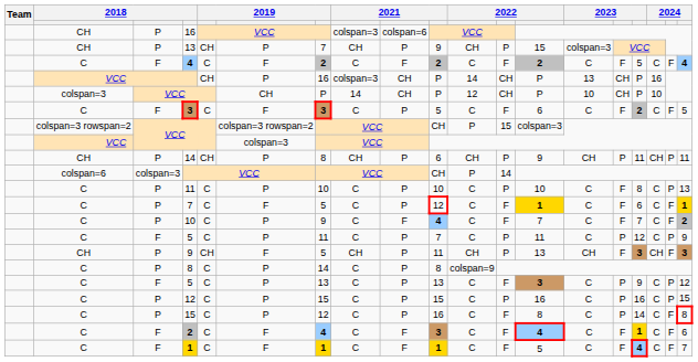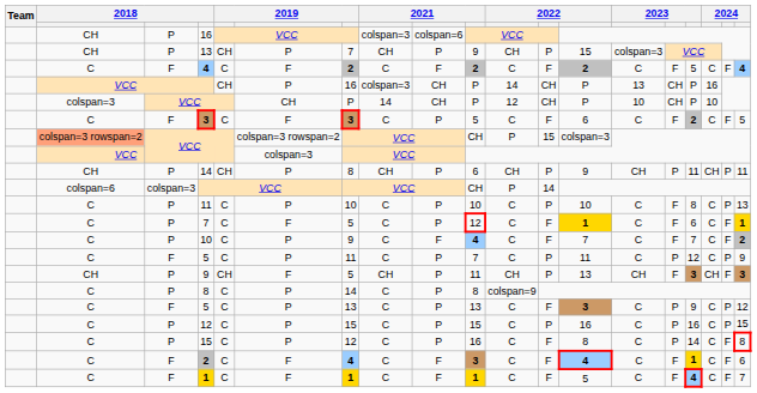 <table class="wikitable sortable" style="text-align:center;font-size:90%;white-space:nowrap">
 <tr>
 <th rowspan=2>Team</th>
 <th colspan=3><a href='#'>2018</a></th>
 <th colspan=3><a href='#'>2019</a></th>
 <th colspan=3><a href='#'>2021</a></th>
 <th colspan=3><a href='#'>2022</a></th>
 <th colspan=3><a href='#'>2023</a></th>
 <th colspan=3><a href='#'>2024</a></th>
 </tr>
 <tr>
 <th width=28></th>
 <th width=28></th>
 <th data-sort-type=number width=28></th>
 <th width=28></th>
 <th width=28></th>
 <th data-sort-type=number width=28></th>
 <th width=28></th>
 <th width=28></th>
 <th data-sort-type=number width=28></th>
 <th width=28></th>
 <th width=28></th>
 <th data-sort-type=number width=28></th>
 <th width=28></th>
 <th width=28></th>
 <th data-sort-type=number width=28></th>
 <th width=28></th>
 <th width=28></th>
 <th data-sort-type=number width=28></th>
 </tr>
 <tr>
 <td align="left"></td>
 <td>CH </td>
 <td>P</td>
 <td>16</td>
 <td style="background:moccasin" colspan=3><em><a href='#'>VCC</a></em></td>
 <td>colspan=3 </td>
 <td>colspan=6 </td>
 <td style="background:moccasin" colspan=3><em><a href='#'>VCC</a></em></td>
 </tr>
 <tr>
 <td align="left"></td>
 <td>CH </td>
 <td>P</td>
 <td>13</td>
 <td>CH </td>
 <td>P</td>
 <td>7</td>
 <td>CH </td>
 <td>P</td>
 <td>9</td>
 <td>CH </td>
 <td>P</td>
 <td>15</td>
 <td>colspan=3 </td>
 <td style="background:moccasin" colspan=3><em><a href='#'>VCC</a></em></td>
 </tr>
 <tr>
 <td align="left"></td>
 <td>C</td>
 <td>F</td>
 <td bgcolor="9acdff"><strong>4</strong></td>
 <td>C</td>
 <td>F</td>
 <td bgcolor="silver"><strong>2</strong></td>
 <td>C</td>
 <td>F</td>
 <td bgcolor="silver"><strong>2</strong></td>
 <td>C</td>
 <td>F</td>
 <td bgcolor="silver"><strong>2</strong></td>
 <td>C</td>
 <td>F</td>
 <td>5</td>
 <td>C</td>
 <td>F</td>
 <td bgcolor="9acdff"><strong>4</strong></td>
 </tr>
 <tr>
 <td align="left"></td>
 <td style="background:moccasin" colspan=3><em><a href='#'>VCC</a></em> </td>
 <td>CH </td>
 <td>P</td>
 <td>16</td>
 <td>colspan=3 </td>
 <td>CH </td>
 <td>P</td>
 <td>14</td>
 <td>CH </td>
 <td>P</td>
 <td>13</td>
 <td>CH </td>
 <td>P</td>
 <td>16</td>
 </tr>
 <tr>
 <td align="left"></td>
 <td>colspan=3 </td>
 <td style="background:moccasin" colspan=3><em><a href='#'>VCC</a></em> </td>
 <td>CH </td>
 <td>P</td>
 <td>14</td>
 <td>CH </td>
 <td>P</td>
 <td>12</td>
 <td>CH </td>
 <td>P</td>
 <td>10</td>
 <td>CH </td>
 <td>P</td>
 <td>10</td>
 </tr>
 <tr>
 <td align="left"></td>
 <td>C</td>
 <td>F</td>
 <td style="border:3px solid red"  bgcolor="cc9966"><strong>3</strong></td>
 <td>C</td>
 <td>F</td>
 <td style="border:3px solid red"  bgcolor="cc9966"><strong>3</strong></td>
 <td>C</td>
 <td>P</td>
 <td>5</td>
 <td>C</td>
 <td>F</td>
 <td>6</td>
 <td>C</td>
 <td>F</td>
 <td bgcolor="silver"><strong>2</strong></td>
 <td>C</td>
 <td>F</td>
 <td>5</td>
 </tr>
 <tr>
 <td align="left"></td>
-<td>colspan=3 rowspan=2 </td>
+<td style="background: lightsalmon;">colspan=3 rowspan=2 </td>
 <td style="background:moccasin" colspan=3 rowspan=2><em><a href='#'>VCC</a></em></td>
 <td>colspan=3 rowspan=2 </td>
 <td style="background:moccasin" colspan=3><em><a href='#'>VCC</a></em> </td>
 <td>CH </td>
 <td>P</td>
 <td>15</td>
 <td>colspan=3 </td>
 </tr>
 <tr>
 <td align="left"></td>
 <td style="background:moccasin" colspan=3><em><a href='#'>VCC</a></em></td>
 <td>colspan=3 </td>
 <td style="background:moccasin" colspan=3><em><a href='#'>VCC</a></em> </td>
 </tr>
 <tr>
 <td align="left"></td>
 <td>CH </td>
 <td>P</td>
 <td>14</td>
 <td>CH </td>
 <td>P</td>
 <td>8</td>
 <td>CH </td>
 <td>P</td>
 <td>6</td>
 <td>CH </td>
 <td>P</td>
 <td>9</td>
 <td>CH </td>
 <td>P</td>
 <td>11</td>
 <td>CH </td>
 <td>P</td>
 <td>11</td>
 </tr>
 <tr>
 <td align="left"></td>
 <td>colspan=6 </td>
 <td>colspan=3 </td>
 <td style="background:moccasin" colspan=3><em><a href='#'>VCC</a></em></td>
 <td style="background:moccasin" colspan=3><em><a href='#'>VCC</a></em> </td>
 <td>CH </td>
 <td>P</td>
 <td>14</td>
 </tr>
 <tr>
 <td align="left"></td>
 <td>C</td>
 <td>P</td>
 <td>11</td>
 <td>C</td>
 <td>P</td>
 <td>10</td>
 <td>C</td>
 <td>P</td>
 <td>10</td>
 <td>C</td>
 <td>P</td>
 <td>10</td>
 <td>C</td>
 <td>F</td>
 <td>8</td>
 <td>C</td>
 <td>P</td>
 <td>13</td>
 </tr>
 <tr>
 <td align="left"></td>
 <td>C</td>
 <td>P</td>
 <td>7</td>
 <td>C</td>
 <td>F</td>
 <td>5</td>
 <td>C</td>
 <td>P</td>
 <td style="border:3px solid red">12</td>
 <td>C</td>
 <td>F</td>
 <td bgcolor="gold"><strong>1</strong></td>
 <td>C</td>
 <td>F</td>
 <td>6</td>
 <td>C</td>
 <td>F</td>
 <td bgcolor="gold"><strong>1</strong></td>
 </tr>
 <tr>
 <td align="left"></td>
 <td>C</td>
 <td>P</td>
 <td>10</td>
 <td>C</td>
 <td>P</td>
 <td>9</td>
 <td>C</td>
 <td>F</td>
 <td bgcolor="9acdff"><strong>4</strong></td>
 <td>C</td>
 <td>F</td>
 <td>7</td>
 <td>C</td>
 <td>F</td>
 <td>7</td>
 <td>C</td>
 <td>F</td>
 <td bgcolor="silver"><strong>2</strong></td>
 </tr>
 <tr>
 <td align="left"></td>
 <td>C</td>
 <td>F</td>
 <td>5</td>
 <td>C</td>
 <td>P</td>
 <td>11</td>
 <td>C</td>
 <td>P</td>
 <td>7</td>
 <td>C</td>
 <td>P</td>
 <td>11</td>
 <td>C</td>
 <td>P</td>
 <td>12</td>
 <td>C</td>
 <td>P</td>
 <td>9</td>
 </tr>
 <tr>
 <td align="left"></td>
 <td>CH </td>
 <td>P</td>
 <td>9</td>
 <td>CH </td>
 <td>F</td>
 <td>5</td>
 <td>CH </td>
 <td>P</td>
 <td>11</td>
 <td>CH </td>
 <td>P</td>
 <td>13</td>
 <td>CH </td>
 <td>F</td>
 <td bgcolor="cc9966"><strong>3</strong></td>
 <td>CH </td>
 <td>F</td>
 <td bgcolor="cc9966"><strong>3</strong></td>
 </tr>
 <tr>
 <td align="left"></td>
 <td>C</td>
 <td>P</td>
 <td>8</td>
 <td>C</td>
 <td>P</td>
 <td>14</td>
 <td>C</td>
 <td>P</td>
 <td>8</td>
 <td>colspan=9 </td>
 </tr>
 <tr>
 <td align="left"></td>
 <td>C</td>
 <td>F</td>
 <td>5</td>
 <td>C</td>
 <td>P</td>
 <td>13</td>
 <td>C</td>
 <td>P</td>
 <td>13</td>
 <td>C</td>
 <td>F</td>
 <td bgcolor="cc9966"><strong>3</strong></td>
 <td>C</td>
 <td>P</td>
 <td>9</td>
 <td>C</td>
 <td>P</td>
 <td>12</td>
 </tr>
 <tr>
 <td align="left"></td>
 <td>C</td>
 <td>P</td>
 <td>12</td>
 <td>C</td>
 <td>P</td>
 <td>15</td>
 <td>C</td>
 <td>P</td>
 <td>15</td>
 <td>C</td>
 <td>P</td>
 <td>16</td>
 <td>C</td>
 <td>P</td>
 <td>16</td>
 <td>C</td>
 <td>P</td>
 <td>15</td>
 </tr>
 <tr>
 <td align="left"></td>
 <td>C</td>
 <td>P</td>
 <td>15</td>
 <td>C</td>
 <td>P</td>
 <td>12</td>
 <td>C</td>
 <td>P</td>
 <td>16</td>
 <td>C</td>
 <td>F</td>
 <td>8</td>
 <td>C</td>
 <td>P</td>
 <td>14</td>
 <td>C</td>
 <td>F</td>
 <td style="border:3px solid red">8</td>
 </tr>
 <tr>
 <td align="left"></td>
 <td>C</td>
 <td>F</td>
 <td bgcolor="silver"><strong>2</strong></td>
 <td>C</td>
 <td>F</td>
 <td bgcolor="9acdff"><strong>4</strong></td>
 <td>C</td>
 <td>F</td>
 <td bgcolor="cc9966"><strong>3</strong></td>
 <td>C</td>
 <td>F</td>
 <td style="border:3px solid red" bgcolor="9acdff"><strong>4</strong></td>
 <td>C</td>
 <td>F</td>
 <td bgcolor="gold"><strong>1</strong></td>
 <td>C</td>
 <td>F</td>
 <td>6</td>
 </tr>
 <tr>
 <td align="left"></td>
 <td>C</td>
 <td>F</td>
 <td bgcolor="gold"><strong>1</strong></td>
 <td>C</td>
 <td>F</td>
 <td bgcolor="gold"><strong>1</strong></td>
 <td>C</td>
 <td>F</td>
 <td bgcolor="gold"><strong>1</strong></td>
 <td>C</td>
 <td>F</td>
 <td>5</td>
 <td>C</td>
 <td>F</td>
 <td style="border:3px solid red"bgcolor="9acdff"><strong>4</strong></td>
 <td>C</td>
 <td>F</td>
 <td>7</td>
 </tr>
 </table>
